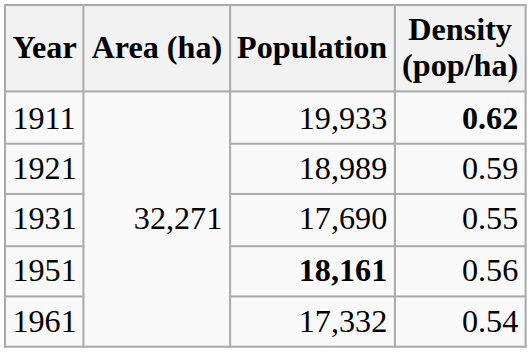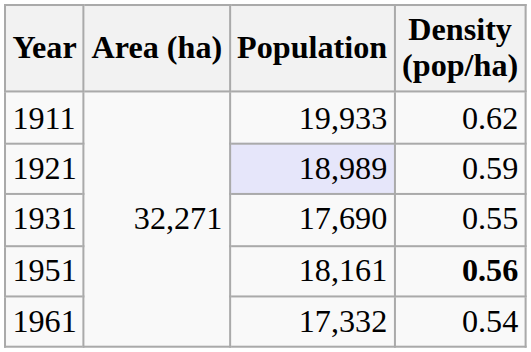 <table class="wikitable">
 <tr>
 <th>Year</th>
 <th>Area (ha)<br></th>
 <th>Population<br></th>
 <th>Density<br>(pop/ha)</th>
 </tr>
 <tr>
 <td>1911</td>
 <td style="text-align:right;" rowspan="5">32,271</td>
 <td style="text-align:right;">19,933</td>
-<td style="text-align:right;"><strong>0.62</strong></td>
+<td style="text-align:right;">0.62</td>
 </tr>
 <tr>
 <td>1921</td>
-<td style="text-align:right;">18,989</td>
+<td style="background: lavender; text-align:right;">18,989</td>
 <td style="text-align:right;">0.59</td>
 </tr>
 <tr>
 <td>1931</td>
 <td style="text-align:right;">17,690</td>
 <td style="text-align:right;">0.55</td>
 </tr>
 <tr>
 <td>1951</td>
-<td style="text-align:right;"><strong>18,161</strong></td>
-<td style="text-align:right;">0.56</td>
+<td style="text-align:right;">18,161</td>
+<td style="text-align:right;"><strong>0.56</strong></td>
 </tr>
 <tr>
 <td>1961</td>
 <td style="text-align:right;">17,332</td>
 <td style="text-align:right;">0.54</td>
 </tr>
 </table>
